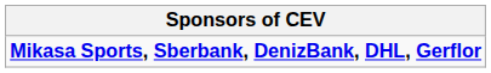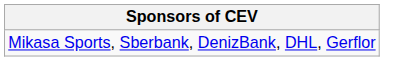 <table class="wikitable collapsible " style="float:center; margin:0px;">
 <tr>
 <th>Sponsors of CEV</th>
 </tr>
 <tr>
-<td><strong><a href='#'>Mikasa Sports</a>, <a href='#'>Sberbank</a>, <a href='#'>DenizBank</a>, <a href='#'>DHL</a>, <a href='#'>Gerflor</a> </strong></td>
+<td><a href='#'>Mikasa Sports</a>, <a href='#'>Sberbank</a>, <a href='#'>DenizBank</a>, <a href='#'>DHL</a>, <a href='#'>Gerflor</a> </td>
 </tr>
 </table>
